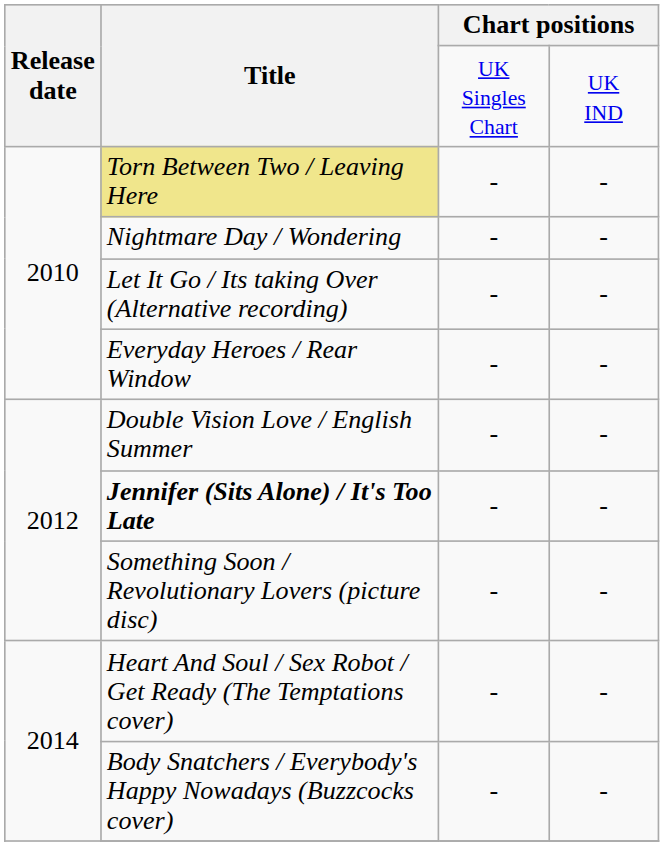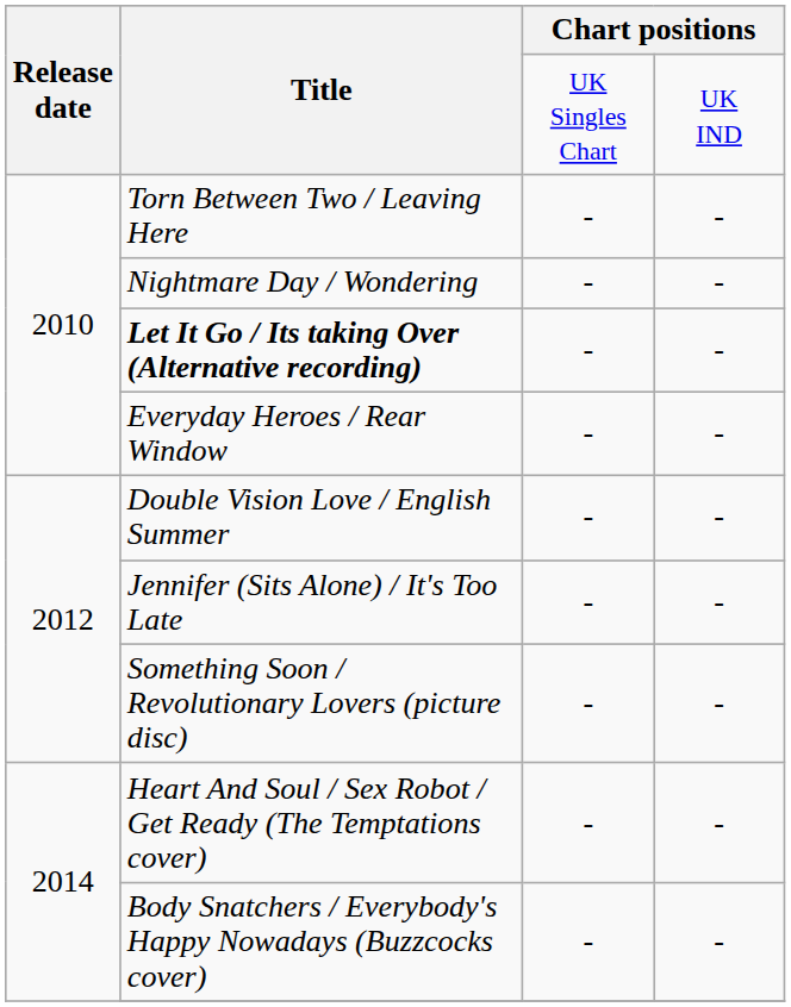 <table class="wikitable">
 <tr>
 <th width="30" rowspan="2">Release date</th>
 <th width="200" rowspan="2">Title</th>
 <th colspan="2">Chart positions</th>
 </tr>
 <tr>
 <td width="60" style="text-align:center;"><small><a href='#'>UK Singles Chart</a></small></td>
 <td width="60" style="text-align:center;"><small><a href='#'>UK<br>IND</a></small></td>
 </tr>
 <tr>
 <td rowspan="4" style="text-align:center;">2010</td>
-<td style="background: khaki;"><em>Torn Between Two / Leaving Here</em></td>
+<td><em>Torn Between Two / Leaving Here</em></td>
 <td style="text-align:center;">-</td>
 <td style="text-align:center;">-</td>
 </tr>
 <tr>
 <td><em>Nightmare Day / Wondering</em></td>
 <td style="text-align:center;">-</td>
 <td style="text-align:center;">-</td>
 </tr>
 <tr>
-<td><em>Let It Go / Its taking Over (Alternative recording)</em></td>
+<td><strong><em>Let It Go / Its taking Over (Alternative recording)</em></strong></td>
 <td style="text-align:center;">-</td>
 <td style="text-align:center;">-</td>
 </tr>
 <tr>
 <td><em>Everyday Heroes / Rear Window</em></td>
 <td style="text-align:center;">-</td>
 <td style="text-align:center;">-</td>
 </tr>
 <tr>
 <td rowspan="3" style="text-align:center;">2012</td>
 <td><em>Double Vision Love / English Summer</em></td>
 <td style="text-align:center;">-</td>
 <td style="text-align:center;">-</td>
 </tr>
 <tr>
-<td><strong><em>Jennifer (Sits Alone) / It's Too Late</em></strong></td>
+<td><em>Jennifer (Sits Alone) / It's Too Late</em></td>
 <td style="text-align:center;">-</td>
 <td style="text-align:center;">-</td>
 </tr>
 <tr>
 <td><em>Something Soon / Revolutionary Lovers (picture disc)</em></td>
 <td style="text-align:center;">-</td>
 <td style="text-align:center;">-</td>
 </tr>
 <tr>
 <td rowspan="3" style="text-align:center;">2014</td>
 <td><em>Heart And Soul / Sex Robot / Get Ready (The Temptations cover)</em></td>
 <td style="text-align:center;">-</td>
 <td style="text-align:center;">-</td>
 </tr>
 <tr>
 <td><em>Body Snatchers / Everybody's Happy Nowadays (Buzzcocks cover)</em></td>
 <td style="text-align:center;">-</td>
 <td style="text-align:center;">-</td>
 </tr>
 <tr>
 </tr>
 </table>
